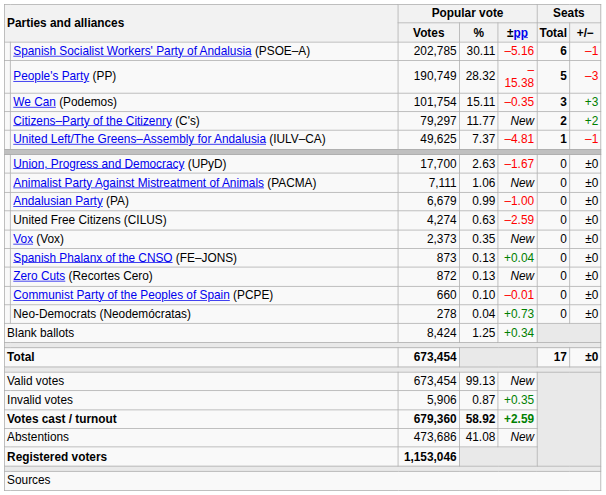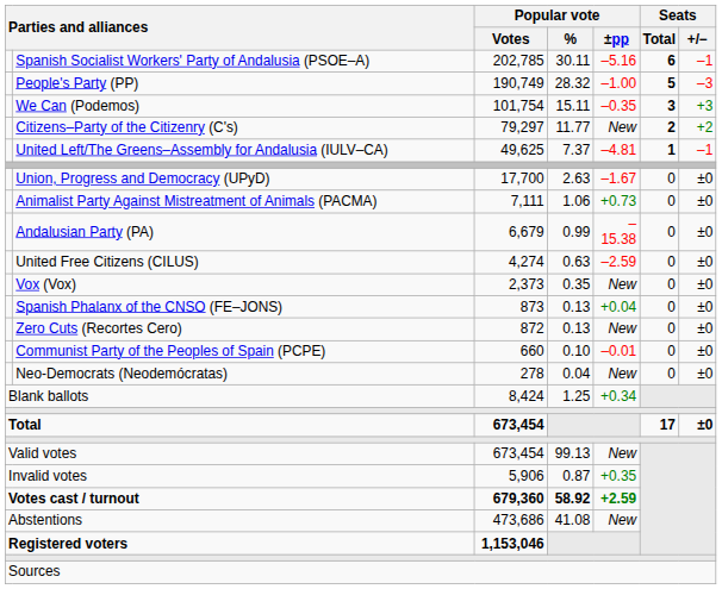 <table class="wikitable" style="text-align:right;">
 <tr>
 <th style="text-align:left;" rowspan="2" colspan="2" width="525">Parties and alliances</th>
 <th colspan="3">Popular vote</th>
 <th colspan="2">Seats</th>
 </tr>
 <tr>
 <th width="75">Votes</th>
 <th width="45">%</th>
 <th width="45">±<a href='#'>pp</a></th>
 <th width="35">Total</th>
 <th width="35">+/−</th>
 </tr>
 <tr>
 <td width="1" style="color:inherit;background:"></td>
 <td align="left"><a href='#'>Spanish Socialist Workers' Party of Andalusia</a> (PSOE–A)</td>
 <td>202,785</td>
 <td>30.11</td>
 <td style="color:red;">–5.16</td>
 <td><strong>6</strong></td>
 <td style="color:red;">–1</td>
 </tr>
 <tr>
 <td style="color:inherit;background:"></td>
 <td align="left"><a href='#'>People's Party</a> (PP)</td>
 <td>190,749</td>
 <td>28.32</td>
-<td style="color:red;">–15.38</td>
+<td style="color:red;">–1.00</td>
 <td><strong>5</strong></td>
 <td style="color:red;">–3</td>
 </tr>
 <tr>
 <td style="color:inherit;background:"></td>
 <td align="left"><a href='#'>We Can</a> (Podemos)</td>
 <td>101,754</td>
 <td>15.11</td>
 <td style="color:red;">–0.35</td>
 <td><strong>3</strong></td>
 <td style="color:green;">+3</td>
 </tr>
 <tr>
 <td style="color:inherit;background:"></td>
 <td align="left"><a href='#'>Citizens–Party of the Citizenry</a> (C's)</td>
 <td>79,297</td>
 <td>11.77</td>
 <td><em>New</em></td>
 <td><strong>2</strong></td>
 <td style="color:green;">+2</td>
 </tr>
 <tr>
 <td style="color:inherit;background:"></td>
 <td align="left"><a href='#'>United Left/The Greens–Assembly for Andalusia</a> (IULV–CA)</td>
 <td>49,625</td>
 <td>7.37</td>
 <td style="color:red;">–4.81</td>
 <td><strong>1</strong></td>
 <td style="color:red;">–1</td>
 </tr>
 <tr>
 <td colspan="7" bgcolor="#C0C0C0"></td>
 </tr>
 <tr>
 <td style="color:inherit;background:"></td>
 <td align="left"><a href='#'>Union, Progress and Democracy</a> (UPyD)</td>
 <td>17,700</td>
 <td>2.63</td>
 <td style="color:red;">–1.67</td>
 <td>0</td>
 <td>±0</td>
 </tr>
 <tr>
 <td style="color:inherit;background:"></td>
 <td align="left"><a href='#'>Animalist Party Against Mistreatment of Animals</a> (PACMA)</td>
 <td>7,111</td>
 <td>1.06</td>
-<td><em>New</em></td>
+<td style="color:green;">+0.73</td>
 <td>0</td>
 <td>±0</td>
 </tr>
 <tr>
 <td style="color:inherit;background:"></td>
 <td align="left"><a href='#'>Andalusian Party</a> (PA)</td>
 <td>6,679</td>
 <td>0.99</td>
-<td style="color:red;">–1.00</td>
+<td style="color:red;">–15.38</td>
 <td>0</td>
 <td>±0</td>
 </tr>
 <tr>
 <td style="color:inherit;background:"></td>
 <td align="left">United Free Citizens (CILUS)</td>
 <td>4,274</td>
 <td>0.63</td>
 <td style="color:red;">–2.59</td>
 <td>0</td>
 <td>±0</td>
 </tr>
 <tr>
 <td style="color:inherit;background:"></td>
 <td align="left"><a href='#'>Vox</a> (Vox)</td>
 <td>2,373</td>
 <td>0.35</td>
 <td><em>New</em></td>
 <td>0</td>
 <td>±0</td>
 </tr>
 <tr>
 <td style="color:inherit;background:"></td>
 <td align="left"><a href='#'>Spanish Phalanx of the CNSO</a> (FE–JONS)</td>
 <td>873</td>
 <td>0.13</td>
 <td style="color:green;">+0.04</td>
 <td>0</td>
 <td>±0</td>
 </tr>
 <tr>
 <td style="color:inherit;background:"></td>
 <td align="left"><a href='#'>Zero Cuts</a> (Recortes Cero)</td>
 <td>872</td>
 <td>0.13</td>
 <td><em>New</em></td>
 <td>0</td>
 <td>±0</td>
 </tr>
 <tr>
 <td style="color:inherit;background:"></td>
 <td align="left"><a href='#'>Communist Party of the Peoples of Spain</a> (PCPE)</td>
 <td>660</td>
 <td>0.10</td>
 <td style="color:red;">–0.01</td>
 <td>0</td>
 <td>±0</td>
 </tr>
 <tr>
 <td style="color:inherit;background:"></td>
 <td align="left">Neo-Democrats (Neodemócratas)</td>
 <td>278</td>
 <td>0.04</td>
-<td style="color:green;">+0.73</td>
+<td><em>New</em></td>
 <td>0</td>
 <td>±0</td>
 </tr>
 <tr>
 <td align="left" colspan="2">Blank ballots</td>
 <td>8,424</td>
 <td>1.25</td>
 <td style="color:green;">+0.34</td>
 <td bgcolor="#E9E9E9" colspan="2"></td>
 </tr>
 <tr>
 <td colspan="7" bgcolor="#E9E9E9"></td>
 </tr>
 <tr style="font-weight:bold;">
 <td align="left" colspan="2">Total</td>
 <td>673,454</td>
 <td bgcolor="#E9E9E9" colspan="2"></td>
 <td>17</td>
 <td>±0</td>
 </tr>
 <tr>
 <td colspan="7" bgcolor="#E9E9E9"></td>
 </tr>
 <tr>
 <td align="left" colspan="2">Valid votes</td>
 <td>673,454</td>
 <td>99.13</td>
 <td><em>New</em></td>
 <td bgcolor="#E9E9E9" colspan="2" rowspan="5"></td>
 </tr>
 <tr>
 <td align="left" colspan="2">Invalid votes</td>
 <td>5,906</td>
 <td>0.87</td>
 <td style="color:green;">+0.35</td>
 </tr>
 <tr style="font-weight:bold;">
 <td align="left" colspan="2">Votes cast / turnout</td>
 <td>679,360</td>
 <td>58.92</td>
 <td style="color:green;">+2.59</td>
 </tr>
 <tr>
 <td align="left" colspan="2">Abstentions</td>
 <td>473,686</td>
 <td>41.08</td>
 <td><em>New</em></td>
 </tr>
 <tr style="font-weight:bold;">
 <td align="left" colspan="2">Registered voters</td>
 <td>1,153,046</td>
 <td style="background:#e9e9e9;" colspan="2"></td>
 </tr>
 <tr>
 <td colspan="7" bgcolor="#E9E9E9"></td>
 </tr>
 <tr>
 <td align="left" colspan="7">Sources</td>
 </tr>
 </table>
